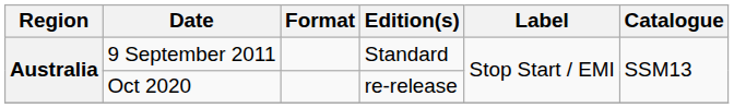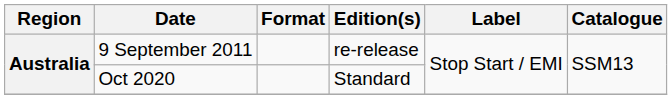 <table class="wikitable plainrowheaders">
 <tr>
 <th scope="col">Region</th>
 <th scope="col">Date</th>
 <th scope="col">Format</th>
 <th scope="col">Edition(s)</th>
 <th scope="col">Label</th>
 <th scope="col">Catalogue</th>
 </tr>
 <tr>
 <th scope="row" rowspan="2">Australia</th>
 <td>9 September 2011</td>
 <td></td>
-<td>Standard</td>
+<td>re-release</td>
 <td rowspan="2">Stop Start / EMI</td>
 <td rowspan="2">SSM13</td>
 </tr>
 <tr>
 <td>Oct 2020</td>
 <td></td>
-<td>re-release</td>
+<td>Standard</td>
 </tr>
 <tr>
 </tr>
 </table>
